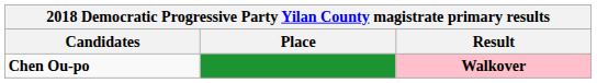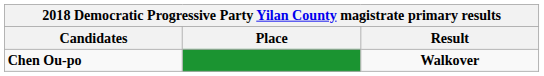 <table class="wikitable collapsible">
 <tr>
 <th colspan="5" width=600>2018 Democratic Progressive Party <a href='#'>Yilan County</a> magistrate primary results</th>
 </tr>
 <tr>
 <th width=80>Candidates</th>
 <th width=80>Place</th>
 <th width=80>Result</th>
 </tr>
 <tr>
 <td><strong>Chen Ou-po</strong></td>
 <td style="background: #1B9431; text-align:center"><strong></strong></td>
-<td style="background: pink; text-align:center"><strong>Walkover</strong></td>
+<td style="text-align:center"><strong>Walkover</strong></td>
 </tr>
 </table>
